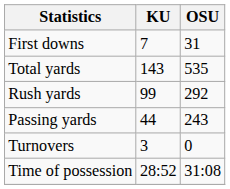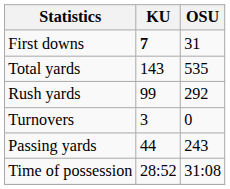 <table class="wikitable" style="float: left;">
 <tr>
 <th>Statistics</th>
 <th>KU</th>
 <th>OSU</th>
 </tr>
 <tr>
 <td>First downs</td>
-<td>7</td>
+<td><strong>7</strong></td>
 <td>31</td>
 </tr>
 <tr>
 <td>Total yards</td>
 <td>143</td>
 <td>535</td>
 </tr>
 <tr>
 <td>Rush yards</td>
 <td>99</td>
 <td>292</td>
 </tr>
 <tr>
+<td>Turnovers</td>
+<td>3</td>
+<td>0</td>
+</tr>
+<tr>
 <td>Passing yards</td>
 <td>44</td>
 <td>243</td>
-</tr>
-<tr>
-<td>Turnovers</td>
-<td>3</td>
-<td>0</td>
 </tr>
 <tr>
 <td>Time of possession</td>
 <td>28:52</td>
 <td>31:08</td>
 </tr>
 <tr>
 </tr>
 </table>
